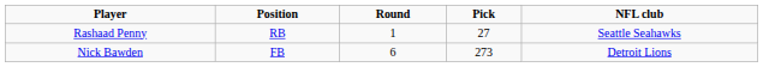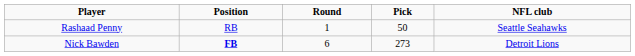 <table class="wikitable" width="80%">
 <tr align="center">
 <td><strong>Player</strong></td>
 <td><strong>Position</strong></td>
 <td><strong>Round</strong></td>
 <td><strong>Pick</strong></td>
 <td><strong>NFL club</strong></td>
 </tr>
 <tr align="center" bgcolor="">
 <td><a href='#'>Rashaad Penny</a></td>
 <td><a href='#'>RB</a></td>
 <td>1</td>
-<td>27</td>
+<td>50</td>
 <td><a href='#'>Seattle Seahawks</a></td>
 </tr>
 <tr align="center" bgcolor="">
 <td><a href='#'>Nick Bawden</a></td>
-<td><a href='#'>FB</a></td>
+<td><strong><a href='#'>FB</a></strong></td>
 <td>6</td>
 <td>273</td>
 <td><a href='#'>Detroit Lions</a></td>
 </tr>
 </table>
